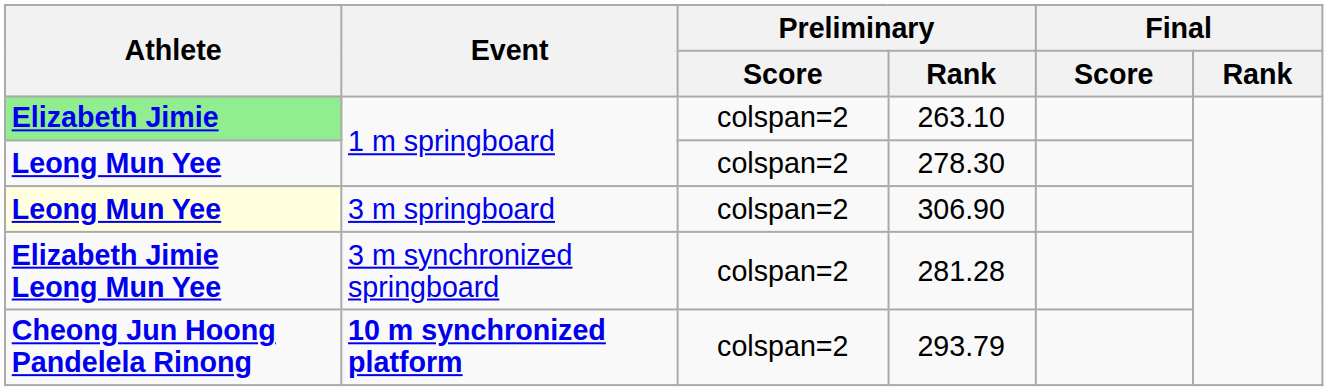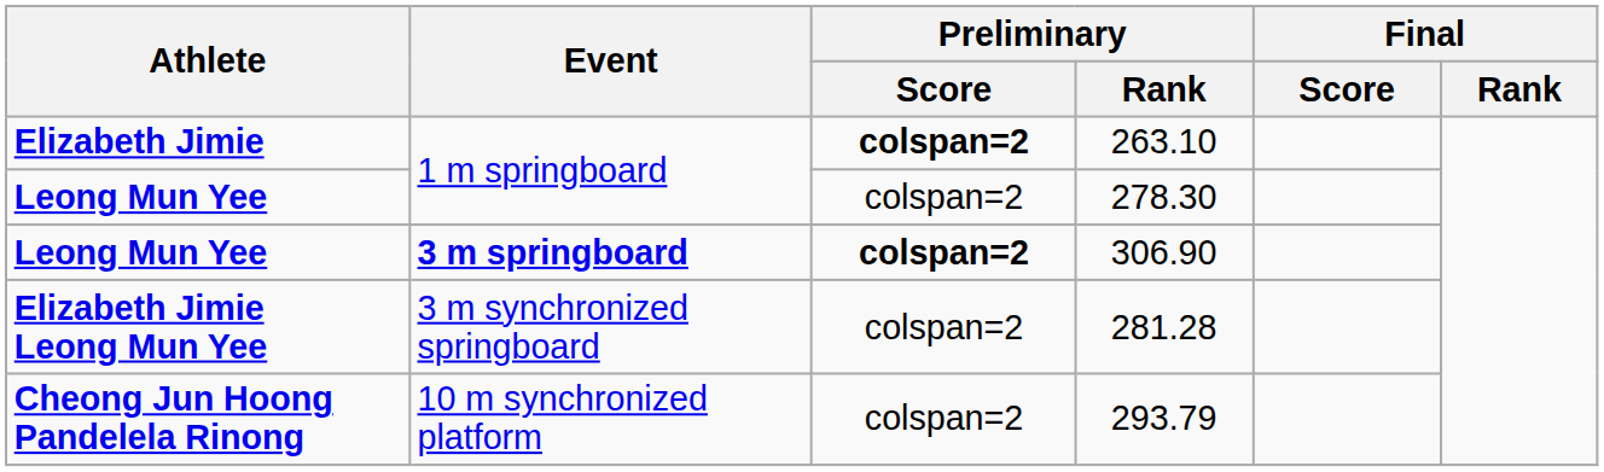 <table class="wikitable" width="75%" style="text-align:center; font-size:90%;">
 <tr>
 <th rowspan="2" width="15%">Athlete</th>
 <th rowspan="2" width="15%">Event</th>
 <th colspan="2" width="12%">Preliminary</th>
 <th colspan="2" width="12%">Final</th>
 </tr>
 <tr>
 <th width="7%">Score</th>
 <th>Rank</th>
 <th width="7%">Score</th>
 <th>Rank</th>
 </tr>
 <tr>
-<td align=left style="background: lightgreen;"><strong><a href='#'>Elizabeth Jimie</a></strong></td>
+<td align=left><strong><a href='#'>Elizabeth Jimie</a></strong></td>
 <td align=left rowspan=2><a href='#'>1 m springboard</a></td>
-<td>colspan=2 </td>
+<td><strong>colspan=2 </strong></td>
 <td>263.10</td>
 <td></td>
 </tr>
 <tr>
 <td align=left><strong><a href='#'>Leong Mun Yee</a></strong></td>
 <td>colspan=2 </td>
 <td>278.30</td>
 <td></td>
 </tr>
 <tr>
-<td align=left style="background: lightyellow;"><strong><a href='#'>Leong Mun Yee</a></strong></td>
-<td align=left><a href='#'>3 m springboard</a></td>
-<td>colspan=2 </td>
+<td align=left><strong><a href='#'>Leong Mun Yee</a></strong></td>
+<td align=left><strong><a href='#'>3 m springboard</a></strong></td>
+<td><strong>colspan=2 </strong></td>
 <td>306.90</td>
 <td></td>
 </tr>
 <tr>
 <td align=left><strong><a href='#'>Elizabeth Jimie</a><br><a href='#'>Leong Mun Yee</a></strong></td>
 <td align=left><a href='#'>3 m synchronized springboard</a></td>
 <td>colspan=2 </td>
 <td>281.28</td>
 <td></td>
 </tr>
 <tr>
 <td align=left><strong><a href='#'>Cheong Jun Hoong</a><br><a href='#'>Pandelela Rinong</a></strong></td>
-<td align=left><strong><a href='#'>10 m synchronized platform</a></strong></td>
+<td align=left><a href='#'>10 m synchronized platform</a></td>
 <td>colspan=2 </td>
 <td>293.79</td>
 <td></td>
 </tr>
 </table>
